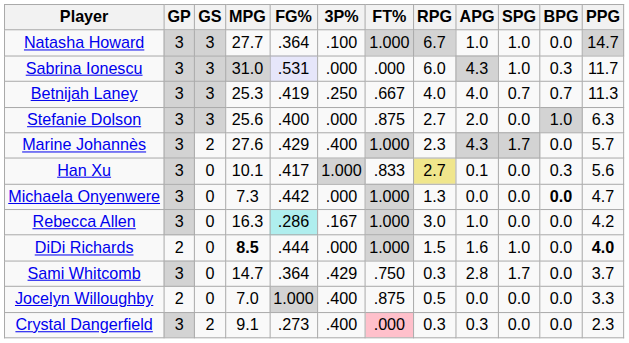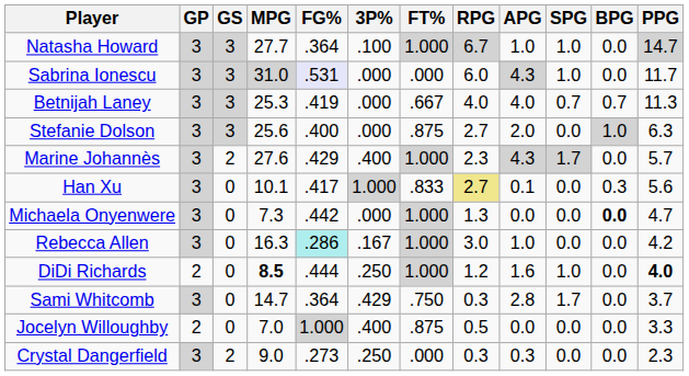 <table class="wikitable sortable" style="text-align:center">
 <tr>
 <th>Player</th>
 <th>GP</th>
 <th>GS</th>
 <th>MPG</th>
 <th>FG%</th>
 <th>3P%</th>
 <th>FT%</th>
 <th>RPG</th>
 <th>APG</th>
 <th>SPG</th>
 <th>BPG</th>
 <th>PPG</th>
 </tr>
 <tr>
 <td><a href='#'>Natasha Howard</a></td>
 <td style="background:#D3D3D3;">3</td>
 <td style="background:#D3D3D3;">3</td>
 <td>27.7</td>
 <td>.364</td>
 <td>.100</td>
 <td style="background:#D3D3D3;">1.000</td>
 <td style="background:#D3D3D3;">6.7</td>
 <td>1.0</td>
 <td>1.0</td>
 <td>0.0</td>
 <td style="background:#D3D3D3;">14.7</td>
 </tr>
 <tr>
 <td><a href='#'>Sabrina Ionescu</a></td>
 <td style="background:#D3D3D3;">3</td>
 <td style="background:#D3D3D3;">3</td>
 <td style="background:#D3D3D3;">31.0</td>
 <td style="background: lavender;">.531</td>
 <td>.000</td>
 <td>.000</td>
 <td>6.0</td>
 <td style="background:#D3D3D3;">4.3</td>
 <td>1.0</td>
-<td>0.3</td>
+<td>0.0</td>
 <td>11.7</td>
 </tr>
 <tr>
 <td><a href='#'>Betnijah Laney</a></td>
 <td style="background:#D3D3D3;">3</td>
 <td style="background:#D3D3D3;">3</td>
 <td>25.3</td>
 <td>.419</td>
-<td>.250</td>
+<td>.000</td>
 <td>.667</td>
 <td>4.0</td>
 <td>4.0</td>
 <td>0.7</td>
 <td>0.7</td>
 <td>11.3</td>
 </tr>
 <tr>
 <td><a href='#'>Stefanie Dolson</a></td>
 <td style="background:#D3D3D3;">3</td>
 <td style="background:#D3D3D3;">3</td>
 <td>25.6</td>
 <td>.400</td>
 <td>.000</td>
 <td>.875</td>
 <td>2.7</td>
 <td>2.0</td>
 <td>0.0</td>
 <td style="background:#D3D3D3;">1.0</td>
 <td>6.3</td>
 </tr>
 <tr>
 <td><a href='#'>Marine Johannès</a></td>
 <td style="background:#D3D3D3;">3</td>
 <td>2</td>
 <td>27.6</td>
 <td>.429</td>
 <td>.400</td>
 <td style="background:#D3D3D3;">1.000</td>
 <td>2.3</td>
 <td style="background:#D3D3D3;">4.3</td>
 <td style="background:#D3D3D3;">1.7</td>
 <td>0.0</td>
 <td>5.7</td>
 </tr>
 <tr>
 <td><a href='#'>Han Xu</a></td>
 <td style="background:#D3D3D3;">3</td>
 <td>0</td>
 <td>10.1</td>
 <td>.417</td>
 <td style="background:#D3D3D3;">1.000</td>
 <td>.833</td>
 <td style="background: khaki;">2.7</td>
 <td>0.1</td>
 <td>0.0</td>
 <td>0.3</td>
 <td>5.6</td>
 </tr>
 <tr>
 <td><a href='#'>Michaela Onyenwere</a></td>
 <td style="background:#D3D3D3;">3</td>
 <td>0</td>
 <td>7.3</td>
 <td>.442</td>
 <td>.000</td>
 <td style="background:#D3D3D3;">1.000</td>
 <td>1.3</td>
 <td>0.0</td>
 <td>0.0</td>
 <td><strong>0.0</strong></td>
 <td>4.7</td>
 </tr>
 <tr>
 <td><a href='#'>Rebecca Allen</a></td>
 <td style="background:#D3D3D3;">3</td>
 <td>0</td>
 <td>16.3</td>
 <td style="background: paleturquoise;">.286</td>
 <td>.167</td>
 <td style="background:#D3D3D3;">1.000</td>
 <td>3.0</td>
 <td>1.0</td>
 <td>0.0</td>
 <td>0.0</td>
 <td>4.2</td>
 </tr>
 <tr>
 <td><a href='#'>DiDi Richards</a></td>
 <td>2</td>
 <td>0</td>
 <td><strong>8.5</strong></td>
 <td>.444</td>
-<td>.000</td>
+<td>.250</td>
 <td style="background:#D3D3D3;">1.000</td>
-<td>1.5</td>
+<td>1.2</td>
 <td>1.6</td>
 <td>1.0</td>
 <td>0.0</td>
 <td><strong>4.0</strong></td>
 </tr>
 <tr>
 <td><a href='#'>Sami Whitcomb</a></td>
 <td style="background:#D3D3D3;">3</td>
 <td>0</td>
 <td>14.7</td>
 <td>.364</td>
 <td>.429</td>
 <td>.750</td>
 <td>0.3</td>
 <td>2.8</td>
 <td>1.7</td>
 <td>0.0</td>
 <td>3.7</td>
 </tr>
 <tr>
 <td><a href='#'>Jocelyn Willoughby</a></td>
 <td>2</td>
 <td>0</td>
 <td>7.0</td>
 <td style="background:#D3D3D3;">1.000</td>
 <td>.400</td>
 <td>.875</td>
 <td>0.5</td>
 <td>0.0</td>
 <td>0.0</td>
 <td>0.0</td>
 <td>3.3</td>
 </tr>
 <tr>
 <td><a href='#'>Crystal Dangerfield</a></td>
 <td style="background:#D3D3D3;">3</td>
 <td>2</td>
-<td>9.1</td>
+<td>9.0</td>
 <td>.273</td>
-<td>.400</td>
-<td style="background: pink;">.000</td>
+<td>.250</td>
+<td>.000</td>
 <td>0.3</td>
 <td>0.3</td>
 <td>0.0</td>
 <td>0.0</td>
 <td>2.3</td>
 </tr>
 </table>
